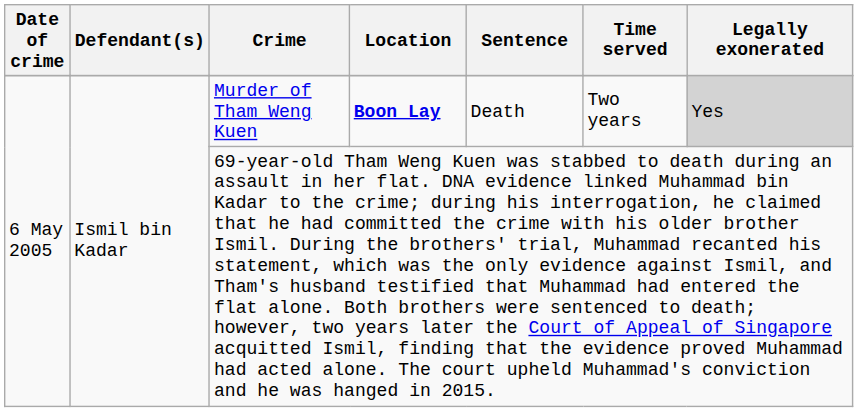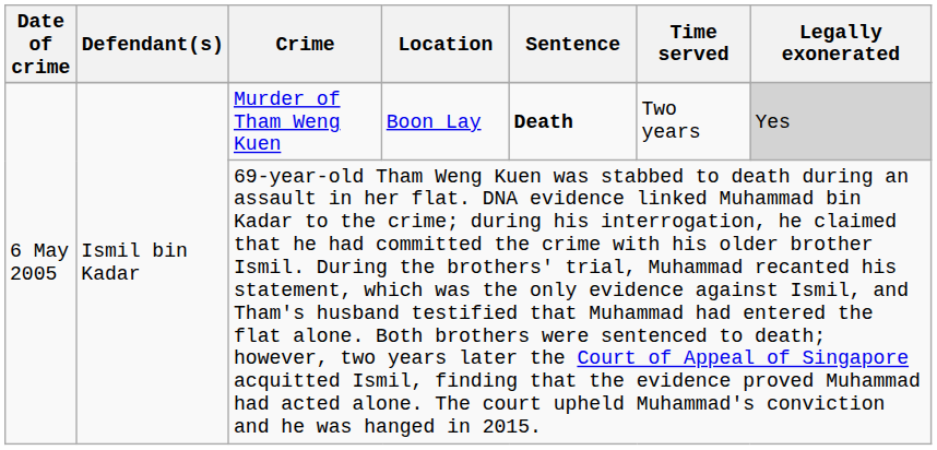 <table class="wikitable sortable">
 <tr>
 <th>Date of crime</th>
 <th>Defendant(s)</th>
 <th>Crime</th>
 <th>Location</th>
 <th>Sentence</th>
 <th>Time served</th>
 <th>Legally exonerated</th>
 </tr>
 <tr>
 </tr>
 <tr ->
 <td rowspan="2">6 May 2005</td>
 <td rowspan="2">Ismil bin Kadar</td>
 <td><a href='#'>Murder of Tham Weng Kuen</a></td>
-<td><strong><a href='#'>Boon Lay</a></strong></td>
-<td>Death</td>
+<td><a href='#'>Boon Lay</a></td>
+<td><strong>Death</strong></td>
 <td>Two years</td>
 <td style="background: lightgrey;">Yes</td>
 </tr>
 <tr>
 <td colspan=5>69-year-old Tham Weng Kuen was stabbed to death during an assault in her flat. DNA evidence linked Muhammad bin Kadar to the crime; during his interrogation, he claimed that he had committed the crime with his older brother Ismil. During the brothers' trial, Muhammad recanted his statement, which was the only evidence against Ismil, and Tham's husband testified that Muhammad had entered the flat alone. Both brothers were sentenced to death; however, two years later the <a href='#'>Court of Appeal of Singapore</a> acquitted Ismil, finding that the evidence proved Muhammad had acted alone. The court upheld Muhammad's conviction and he was hanged in 2015.</td>
 </tr>
 </table>
